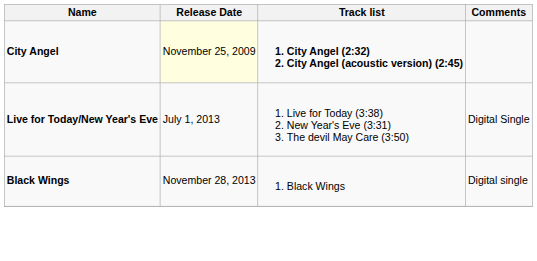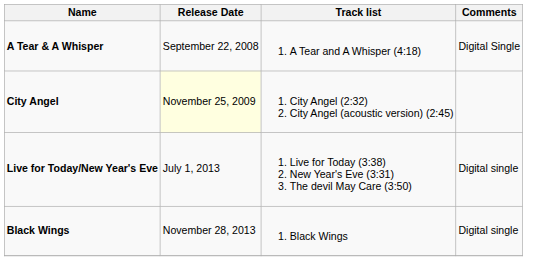 <table class="wikitable">
 <tr>
 <th>Name</th>
 <th>Release Date</th>
 <th>Track list</th>
 <th>Comments</th>
 </tr>
 <tr>
+<td><strong>A Tear & A Whisper</strong></td>
+<td>September 22, 2008</td>
+<td><br><ol><li>A Tear and A Whisper (4:18)</li></ol></td>
+<td>Digital Single</td>
+</tr>
+<tr>
 <td><strong>City Angel</strong></td>
 <td style="background: lightyellow;">November 25, 2009</td>
-<td><strong><br><ol><li>City Angel (2:32)</li><li>City Angel (acoustic version) (2:45)</li></ol></strong></td>
+<td><br><ol><li>City Angel (2:32)</li><li>City Angel (acoustic version) (2:45)</li></ol></td>
 <td></td>
 </tr>
 <tr>
 <td><strong>Live for Today/New Year's Eve</strong></td>
 <td>July 1, 2013</td>
 <td><br><ol><li>Live for Today (3:38)</li><li>New Year's Eve (3:31)</li><li>The devil May Care (3:50)</li></ol></td>
-<td>Digital Single</td>
+<td>Digital single<br></td>
 </tr>
 <tr>
 <td><strong>Black Wings</strong></td>
 <td>November 28, 2013</td>
 <td><br><ol><li>Black Wings</li></ol></td>
 <td>Digital single<br></td>
 </tr>
 <tr>
 </tr>
 </table>
